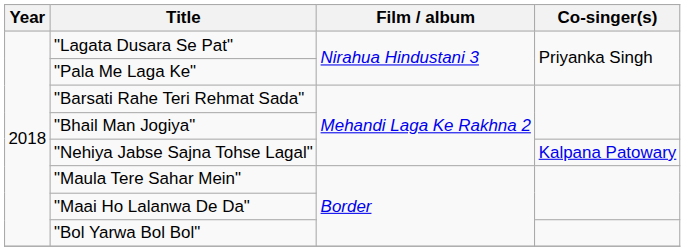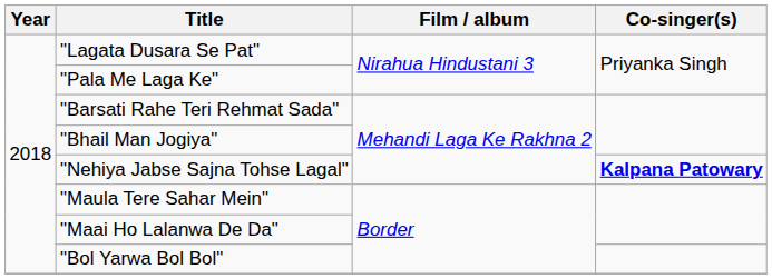 <table class="wikitable sortable">
 <tr>
 <th>Year</th>
 <th>Title</th>
 <th>Film / album</th>
 <th>Co-singer(s)</th>
 </tr>
 <tr>
 <td rowspan="8">2018</td>
 <td>"Lagata Dusara Se Pat"</td>
 <td rowspan="2"><em><a href='#'>Nirahua Hindustani 3</a></em></td>
 <td rowspan="2">Priyanka Singh</td>
 </tr>
 <tr>
 <td>"Pala Me Laga Ke"</td>
 </tr>
 <tr>
 <td>"Barsati Rahe Teri Rehmat Sada"</td>
 <td rowspan="3"><em><a href='#'>Mehandi Laga Ke Rakhna 2</a></em></td>
 <td rowspan="2"></td>
 </tr>
 <tr>
 <td>"Bhail Man Jogiya"</td>
 </tr>
 <tr>
 <td>"Nehiya Jabse Sajna Tohse Lagal"</td>
-<td><a href='#'>Kalpana Patowary</a></td>
+<td><strong><a href='#'>Kalpana Patowary</a></strong></td>
 </tr>
 <tr>
 <td>"Maula Tere Sahar Mein"</td>
 <td rowspan="3"><em><a href='#'>Border</a></em></td>
 <td rowspan=2></td>
 </tr>
 <tr>
 <td>"Maai Ho Lalanwa De Da"</td>
 </tr>
 <tr>
 <td>"Bol Yarwa Bol Bol"</td>
 <td></td>
 </tr>
 <tr He also sing A song " Ye Prayagraj hai">
 </tr>
 </table>
